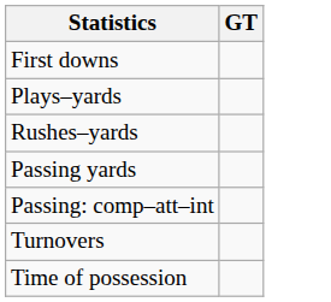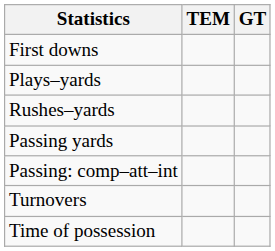 <table class="wikitable" style="float:left">
 <tr>
 <th>Statistics</th>
+<th>TEM</th>
 <th>GT</th>
 </tr>
 <tr>
 <td>First downs</td>
 <td></td>
+<td></td>
 </tr>
 <tr>
 <td>Plays–yards</td>
+<td></td>
 <td></td>
 </tr>
 <tr>
 <td>Rushes–yards</td>
 <td></td>
+<td></td>
 </tr>
 <tr>
 <td>Passing yards</td>
+<td></td>
 <td></td>
 </tr>
 <tr>
 <td>Passing: comp–att–int</td>
 <td></td>
+<td></td>
 </tr>
 <tr>
 <td>Turnovers</td>
+<td></td>
 <td></td>
 </tr>
 <tr>
 <td>Time of possession</td>
 <td></td>
+<td></td>
 </tr>
 </table>
